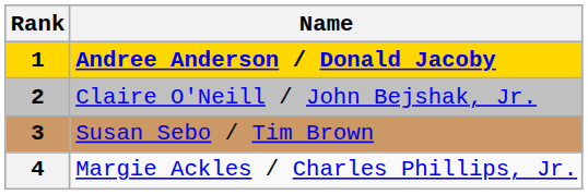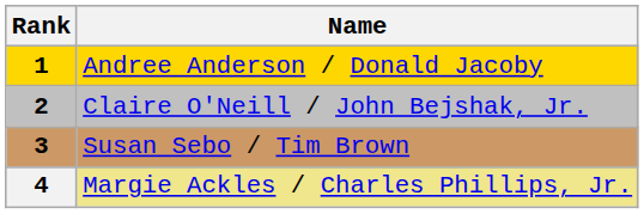 <table class="wikitable">
 <tr>
 <th>Rank</th>
 <th>Name</th>
 </tr>
 <tr bgcolor="gold">
 <td align="center"><strong>1</strong></td>
-<td><strong><a href='#'>Andree Anderson</a> / <a href='#'>Donald Jacoby</a></strong></td>
+<td><a href='#'>Andree Anderson</a> / <a href='#'>Donald Jacoby</a></td>
 </tr>
 <tr bgcolor="silver">
 <td align="center"><strong>2</strong></td>
 <td><a href='#'>Claire O'Neill</a> / <a href='#'>John Bejshak, Jr.</a></td>
 </tr>
 <tr bgcolor="cc9966">
 <td align="center"><strong>3</strong></td>
 <td><a href='#'>Susan Sebo</a> / <a href='#'>Tim Brown</a></td>
 </tr>
 <tr>
 <th>4</th>
-<td><a href='#'>Margie Ackles</a> / <a href='#'>Charles Phillips, Jr.</a></td>
+<td style="background: khaki;"><a href='#'>Margie Ackles</a> / <a href='#'>Charles Phillips, Jr.</a></td>
 </tr>
 </table>
